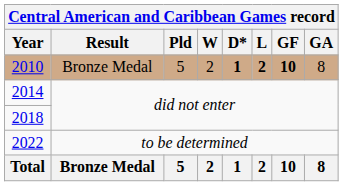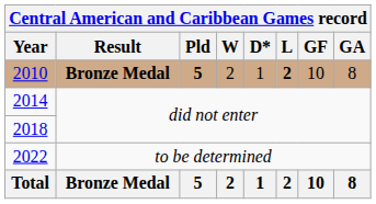 <table class="wikitable" style="text-align: center;">
 <tr>
 <th colspan=8><a href='#'>Central American and Caribbean Games</a> record</th>
 </tr>
 <tr>
 <th>Year</th>
 <th>Result</th>
 <th>Pld</th>
 <th>W</th>
 <th>D*</th>
 <th>L</th>
 <th>GF</th>
 <th>GA</th>
 </tr>
 <tr bgcolor=cfaa88>
 <td> <a href='#'>2010</a></td>
-<td>Bronze Medal</td>
-<td>5</td>
+<td><strong>Bronze Medal</strong></td>
+<td><strong>5</strong></td>
 <td>2</td>
-<td><strong>1</strong></td>
+<td>1</td>
 <td><strong>2</strong></td>
-<td><strong>10</strong></td>
+<td>10</td>
 <td>8</td>
 </tr>
 <tr>
 <td> <a href='#'>2014</a></td>
 <td colspan=7 rowspan=2><em>did not enter</em></td>
 </tr>
 <tr>
 <td> <a href='#'>2018</a></td>
 </tr>
 <tr>
 <td> <a href='#'>2022</a></td>
 <td colspan=8><em>to be determined</em></td>
 </tr>
 <tr>
 <th>Total</th>
 <th>Bronze Medal</th>
 <th>5</th>
 <th>2</th>
 <th>1</th>
 <th>2</th>
 <th>10</th>
 <th>8</th>
 </tr>
 </table>
